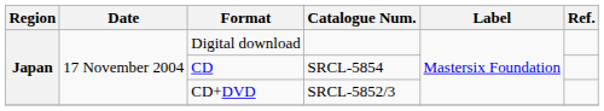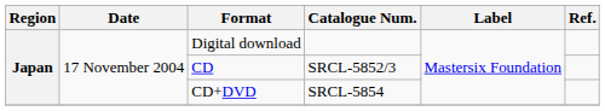 <table class="wikitable sortable plainrowheaders">
 <tr>
 <th scope="col">Region</th>
 <th scope="col">Date</th>
 <th scope="col">Format</th>
 <th scope="col">Catalogue Num.</th>
 <th scope="col">Label</th>
 <th scope="col">Ref.</th>
 </tr>
 <tr>
 <th scope="row" rowspan="3">Japan</th>
 <td rowspan="3">17 November 2004</td>
 <td>Digital download</td>
 <td></td>
 <td rowspan="3"><a href='#'>Mastersix Foundation</a></td>
 <td></td>
 </tr>
 <tr>
 <td><a href='#'>CD</a></td>
-<td>SRCL-5854</td>
+<td>SRCL-5852/3</td>
 <td></td>
 </tr>
 <tr>
 <td>CD+<a href='#'>DVD</a></td>
-<td>SRCL-5852/3</td>
+<td>SRCL-5854</td>
 <td></td>
 </tr>
 <tr>
 </tr>
 </table>
